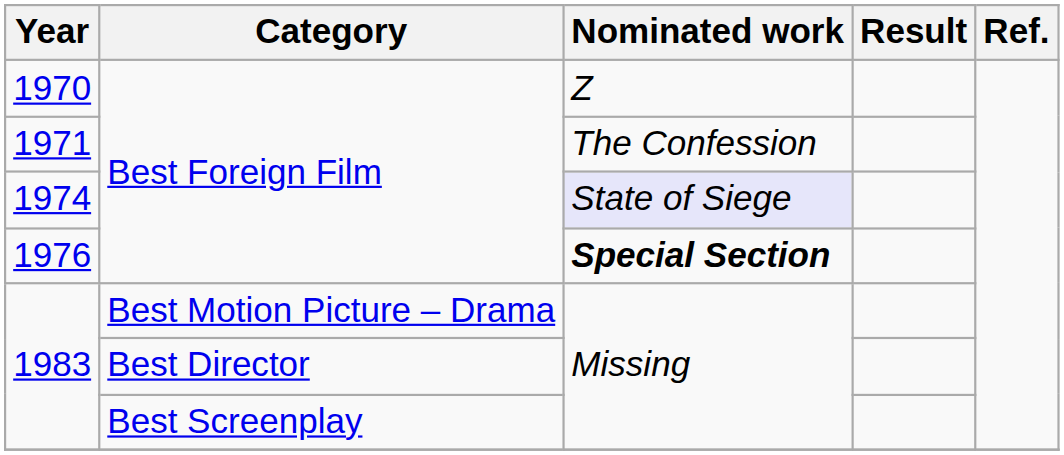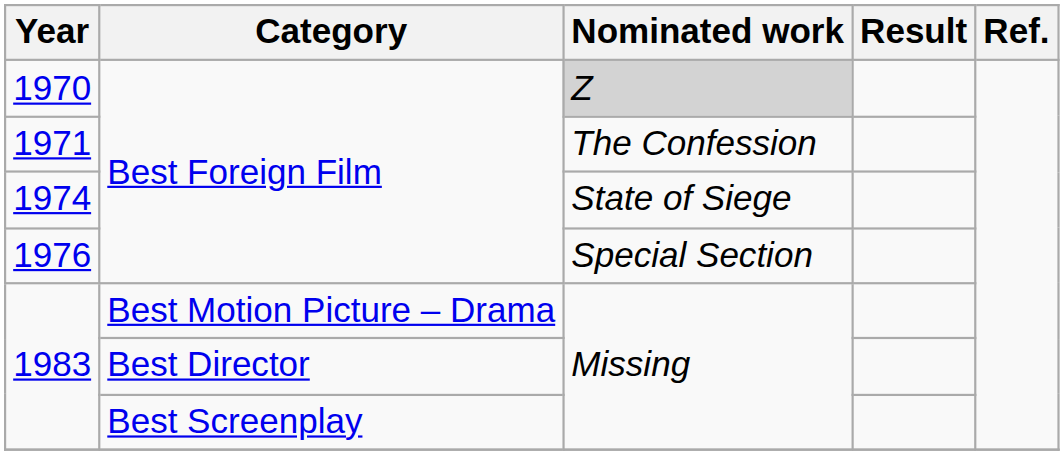 <table class="wikitable sortable">
 <tr>
 <th>Year</th>
 <th>Category</th>
 <th>Nominated work</th>
 <th>Result</th>
 <th>Ref.</th>
 </tr>
 <tr>
 <td><a href='#'>1970</a></td>
 <td rowspan="4"><a href='#'>Best Foreign Film</a></td>
-<td><em>Z</em></td>
+<td style="background: lightgrey;"><em>Z</em></td>
 <td></td>
 <td rowspan="7"></td>
 </tr>
 <tr>
 <td><a href='#'>1971</a></td>
 <td><em>The Confession</em></td>
 <td></td>
 </tr>
 <tr>
 <td><a href='#'>1974</a></td>
-<td style="background: lavender;"><em>State of Siege</em></td>
+<td><em>State of Siege</em></td>
 <td></td>
 </tr>
 <tr>
 <td><a href='#'>1976</a></td>
-<td><strong><em>Special Section</em></strong></td>
+<td><em>Special Section</em></td>
 <td></td>
 </tr>
 <tr>
 <td rowspan="3"><a href='#'>1983</a></td>
 <td><a href='#'>Best Motion Picture – Drama</a></td>
 <td rowspan="3"><em>Missing</em></td>
 <td></td>
 </tr>
 <tr>
 <td><a href='#'>Best Director</a></td>
 <td></td>
 </tr>
 <tr>
 <td><a href='#'>Best Screenplay</a></td>
 <td></td>
 </tr>
 <tr>
 </tr>
 </table>
